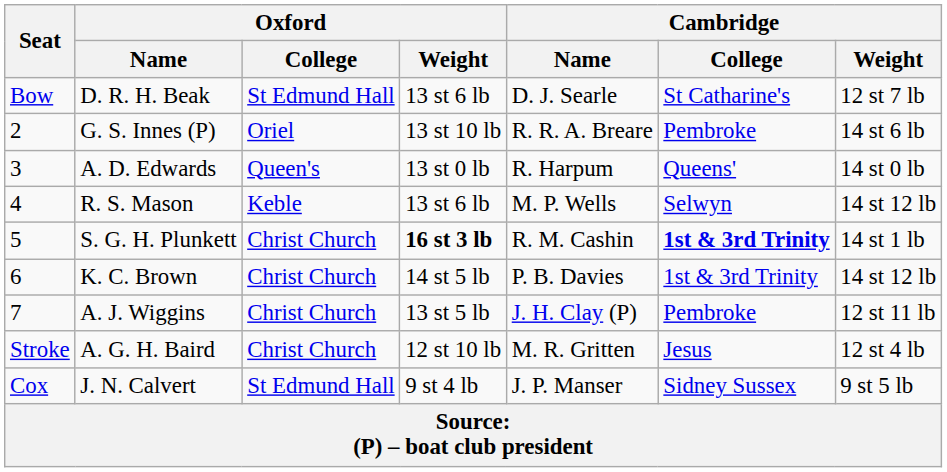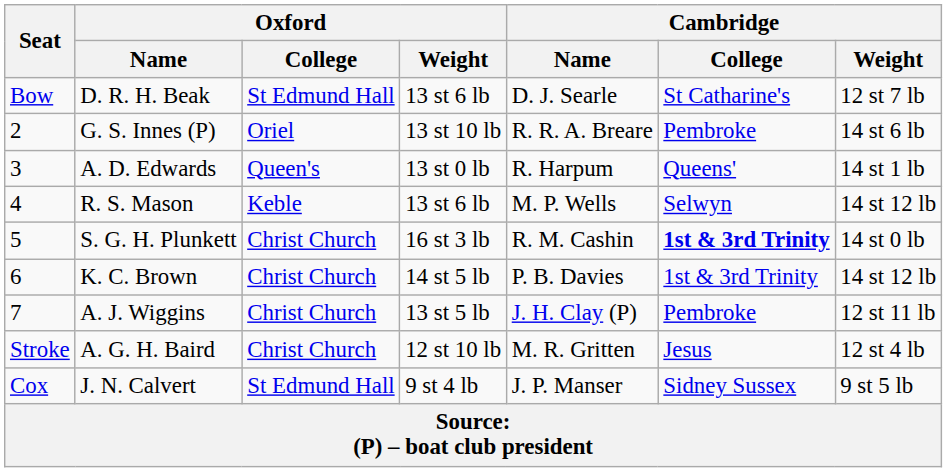 <table class="wikitable">
 <tr>
 <th rowspan="2" scope="col">Seat</th>
 <th colspan="3" scope="col">Oxford <br> </th>
 <th colspan="3" scope="col">Cambridge <br> </th>
 </tr>
 <tr>
 <th>Name</th>
 <th>College</th>
 <th>Weight</th>
 <th>Name</th>
 <th>College</th>
 <th>Weight</th>
 </tr>
 <tr>
 <td><a href='#'>Bow</a></td>
 <td>D. R. H. Beak</td>
 <td><a href='#'>St Edmund Hall</a></td>
 <td>13 st 6 lb</td>
 <td>D. J. Searle</td>
 <td><a href='#'>St Catharine's</a></td>
 <td>12 st 7 lb</td>
 </tr>
 <tr>
 <td>2</td>
 <td>G. S. Innes (P)</td>
 <td><a href='#'>Oriel</a></td>
 <td>13 st 10 lb</td>
 <td>R. R. A. Breare</td>
 <td><a href='#'>Pembroke</a></td>
 <td>14 st 6 lb</td>
 </tr>
 <tr>
 <td>3</td>
 <td>A. D. Edwards</td>
 <td><a href='#'>Queen's</a></td>
 <td>13 st 0 lb</td>
 <td>R. Harpum</td>
 <td><a href='#'>Queens'</a></td>
-<td>14 st 0 lb</td>
+<td>14 st 1 lb</td>
 </tr>
 <tr>
 <td>4</td>
 <td>R. S. Mason</td>
 <td><a href='#'>Keble</a></td>
 <td>13 st 6 lb</td>
 <td>M. P. Wells</td>
 <td><a href='#'>Selwyn</a></td>
 <td>14 st 12 lb</td>
 </tr>
 <tr>
 <td>5</td>
 <td>S. G. H. Plunkett</td>
 <td><a href='#'>Christ Church</a></td>
-<td><strong>16 st 3 lb</strong></td>
+<td>16 st 3 lb</td>
 <td>R. M. Cashin</td>
 <td><strong><a href='#'>1st & 3rd Trinity</a></strong></td>
-<td>14 st 1 lb</td>
+<td>14 st 0 lb</td>
 </tr>
 <tr>
 <td>6</td>
 <td>K. C. Brown</td>
 <td><a href='#'>Christ Church</a></td>
 <td>14 st 5 lb</td>
 <td>P. B. Davies</td>
 <td><a href='#'>1st & 3rd Trinity</a></td>
 <td>14 st 12 lb</td>
 </tr>
 <tr>
 <td>7</td>
 <td>A. J. Wiggins</td>
 <td><a href='#'>Christ Church</a></td>
 <td>13 st 5 lb</td>
 <td><a href='#'>J. H. Clay</a> (P)</td>
 <td><a href='#'>Pembroke</a></td>
 <td>12 st 11 lb</td>
 </tr>
 <tr>
 <td><a href='#'>Stroke</a></td>
 <td>A. G. H. Baird</td>
 <td><a href='#'>Christ Church</a></td>
 <td>12 st 10 lb</td>
 <td>M. R. Gritten</td>
 <td><a href='#'>Jesus</a></td>
 <td>12 st 4 lb</td>
 </tr>
 <tr>
 <td><a href='#'>Cox</a></td>
 <td>J. N. Calvert</td>
 <td><a href='#'>St Edmund Hall</a></td>
 <td>9 st 4 lb</td>
 <td>J. P. Manser</td>
 <td><a href='#'>Sidney Sussex</a></td>
 <td>9 st 5 lb</td>
 </tr>
 <tr>
 <th colspan="7">Source:<br> (P) – boat club president</th>
 </tr>
 </table>
